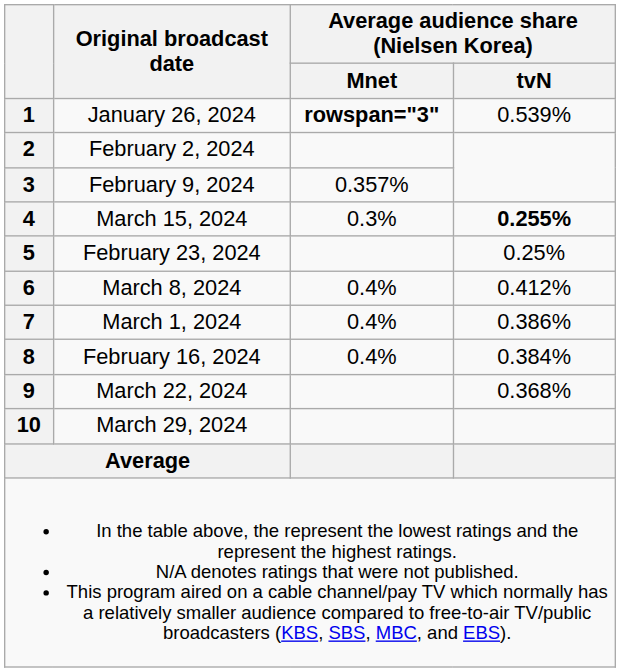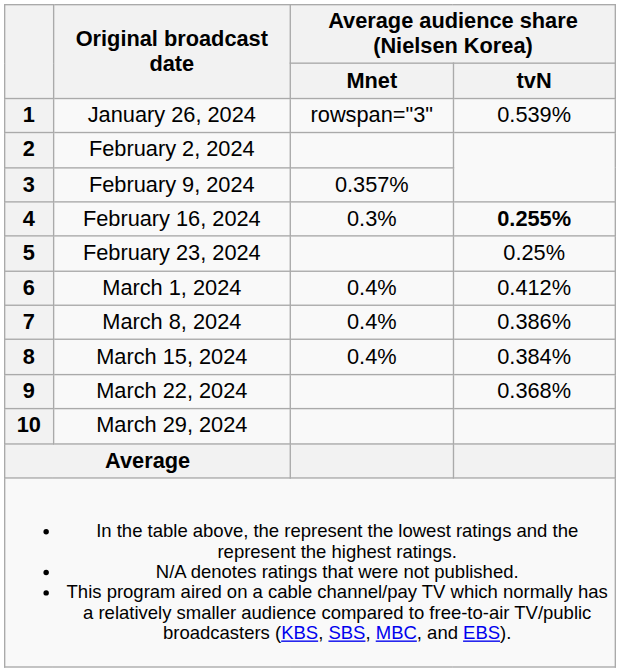 <table class="wikitable" style="width:450px; text-align:center">
 <tr>
 <th scope="col" rowspan="2"></th>
 <th scope="col" rowspan="2">Original broadcast date</th>
 <th scope="col" colspan="2">Average audience share<br>(Nielsen Korea)</th>
 </tr>
 <tr>
 <th scope="col" style="width:7em">Mnet</th>
 <th scope="col" style="width:7em">tvN</th>
 </tr>
 <tr>
 <th scope="col">1</th>
 <td>January 26, 2024</td>
-<td><strong>rowspan="3" </strong></td>
+<td>rowspan="3" </td>
 <td>0.539% </td>
 </tr>
 <tr>
 <th scope="col">2</th>
 <td>February 2, 2024</td>
 <td><strong></strong> </td>
 </tr>
 <tr>
 <th scope="col">3</th>
 <td>February 9, 2024</td>
 <td>0.357% </td>
 </tr>
 <tr>
 <th scope="col">4</th>
-<td>March 15, 2024</td>
+<td>February 16, 2024</td>
 <td>0.3%</td>
 <td><strong>0.255% </strong></td>
 </tr>
 <tr>
 <th scope="col">5</th>
 <td>February 23, 2024</td>
 <td><strong></strong></td>
 <td>0.25% </td>
 </tr>
 <tr>
 <th scope="col">6</th>
-<td>March 8, 2024</td>
+<td>March 1, 2024</td>
 <td>0.4%</td>
 <td>0.412% </td>
 </tr>
 <tr>
 <th scope="col">7</th>
-<td>March 1, 2024</td>
+<td>March 8, 2024</td>
 <td>0.4%</td>
 <td>0.386% </td>
 </tr>
 <tr>
 <th scope="col">8</th>
-<td>February 16, 2024</td>
+<td>March 15, 2024</td>
 <td>0.4%</td>
 <td>0.384% </td>
 </tr>
 <tr>
 <th scope="col">9</th>
 <td>March 22, 2024</td>
 <td><strong></strong></td>
 <td>0.368% </td>
 </tr>
 <tr>
 <th scope="col">10</th>
 <td>March 29, 2024</td>
 <td></td>
 <td><strong></strong> </td>
 </tr>
 <tr>
 <th scope="col" colspan="2">Average</th>
 <th scope="col"></th>
 <th scope="col"></th>
 </tr>
 <tr>
 <td colspan="4" style="font-size:85%"><br><ul><li>In the table above, the <strong></strong> represent the lowest ratings and the <strong></strong> represent the highest ratings.</li><li>N/A denotes ratings that were not published.</li><li>This program aired on a cable channel/pay TV which normally has a relatively smaller audience compared to free-to-air TV/public broadcasters (<a href='#'>KBS</a>, <a href='#'>SBS</a>, <a href='#'>MBC</a>, and <a href='#'>EBS</a>).</li></ul></td>
 </tr>
 </table>
